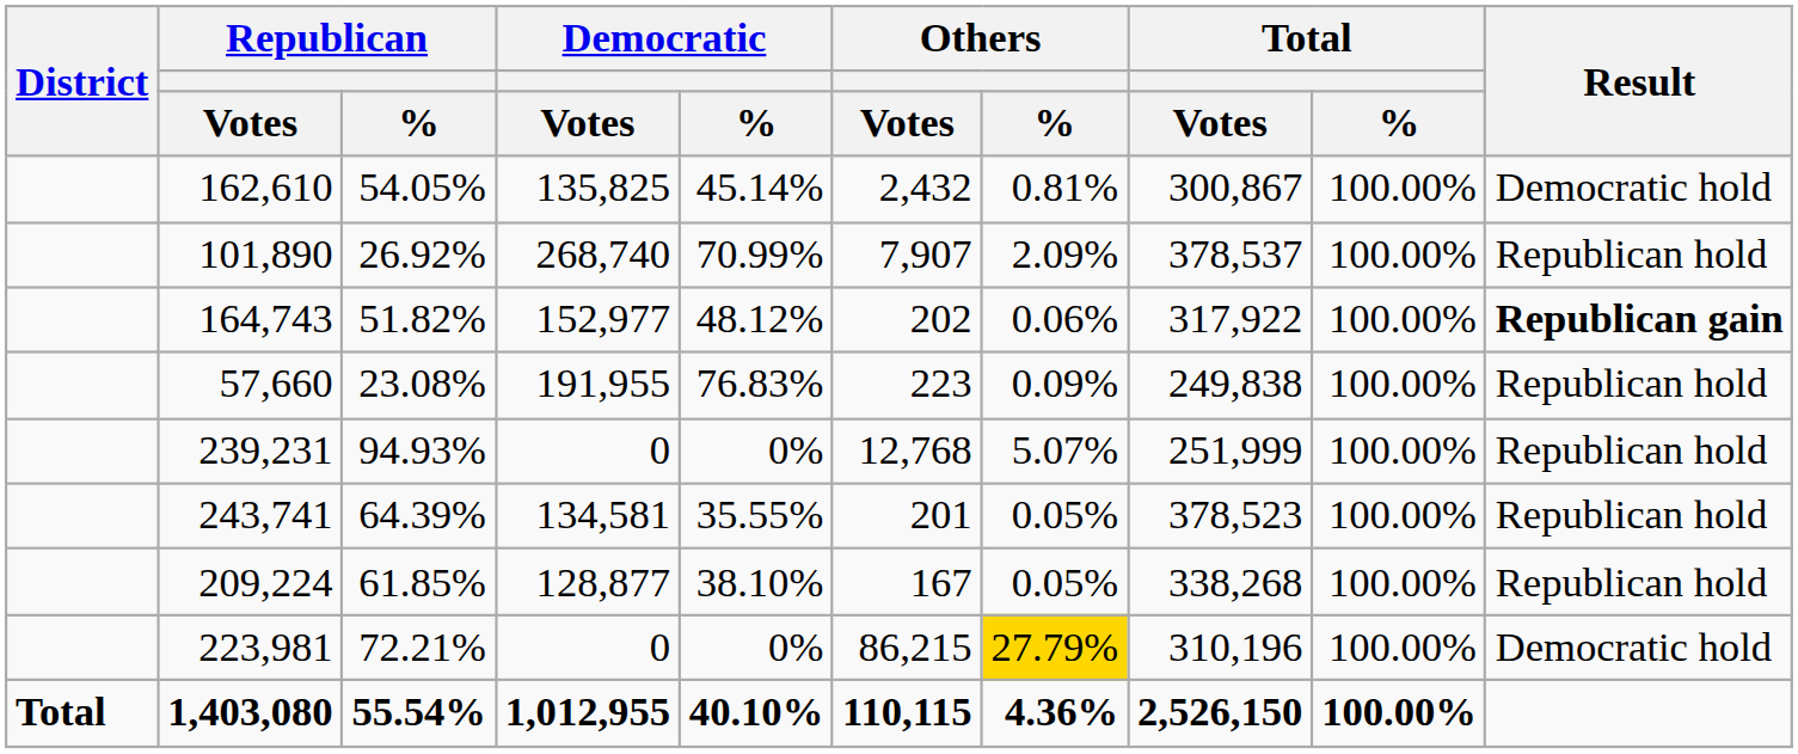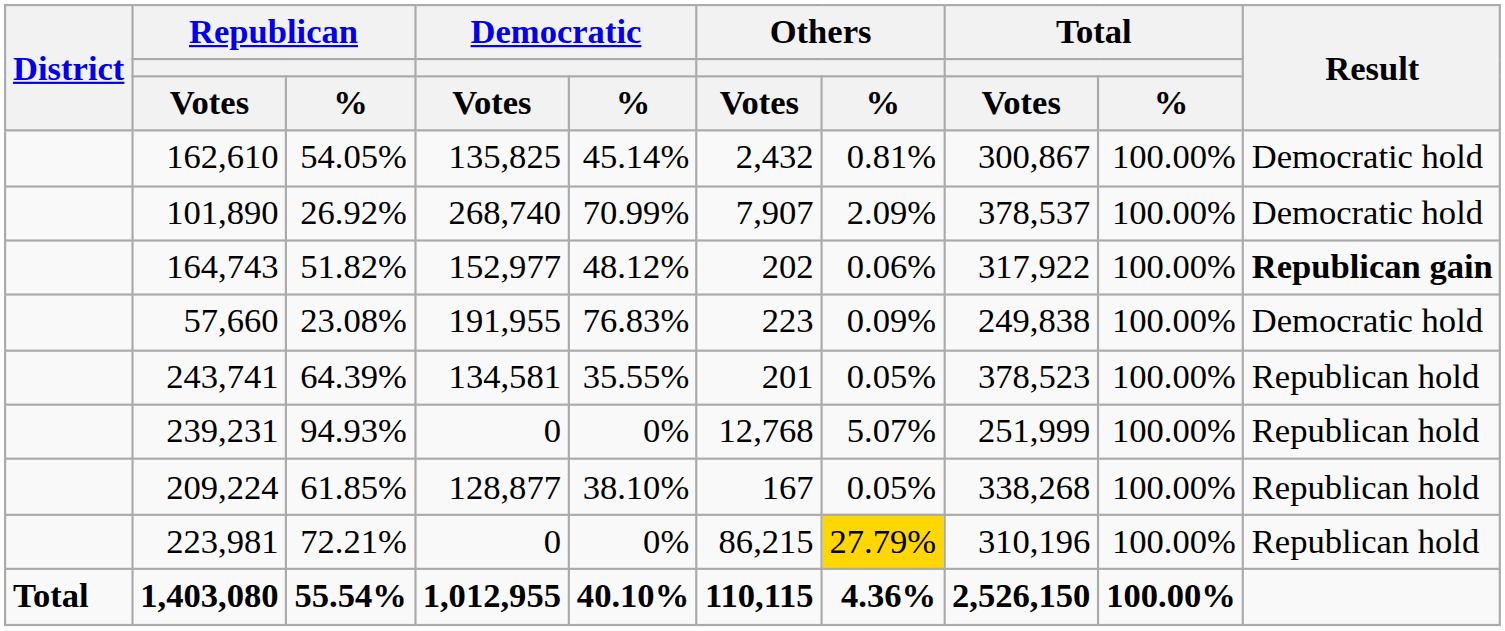 <table class="wikitable plainrowheaders sortable" style="font-size:100%; text-align:right;">
 <tr>
 <th scope=col rowspan=3><a href='#'>District</a></th>
 <th scope=col colspan=2><a href='#'>Republican</a></th>
 <th scope=col colspan=2><a href='#'>Democratic</a></th>
 <th scope=col colspan=2>Others</th>
 <th scope=col colspan=2>Total</th>
 <th scope=col rowspan=3>Result</th>
 </tr>
 <tr>
 <th scope=col colspan=2 style="background:"></th>
 <th scope=col colspan=2 style="background:"></th>
 <th scope=col colspan=2></th>
 <th scope=col colspan=2></th>
 </tr>
 <tr>
 <th scope=col data-sort-type="number">Votes</th>
 <th scope=col data-sort-type="number">%</th>
 <th scope=col data-sort-type="number">Votes</th>
 <th scope=col data-sort-type="number">%</th>
 <th scope=col data-sort-type="number">Votes</th>
 <th scope=col data-sort-type="number">%</th>
 <th scope=col data-sort-type="number">Votes</th>
 <th scope=col data-sort-type="number">%</th>
 </tr>
 <tr>
 <td align=left></td>
 <td>162,610</td>
 <td>54.05%</td>
 <td>135,825</td>
 <td>45.14%</td>
 <td>2,432</td>
 <td>0.81%</td>
 <td>300,867</td>
 <td>100.00%</td>
 <td align=left>Democratic hold</td>
 </tr>
 <tr>
 <td align=left></td>
 <td>101,890</td>
 <td>26.92%</td>
 <td>268,740</td>
 <td>70.99%</td>
 <td>7,907</td>
 <td>2.09%</td>
 <td>378,537</td>
 <td>100.00%</td>
-<td align=left>Republican hold</td>
+<td align=left>Democratic hold</td>
 </tr>
 <tr>
 <td align=left></td>
 <td>164,743</td>
 <td>51.82%</td>
 <td>152,977</td>
 <td>48.12%</td>
 <td>202</td>
 <td>0.06%</td>
 <td>317,922</td>
 <td>100.00%</td>
 <td align=left><strong>Republican gain</strong></td>
 </tr>
 <tr>
 <td align=left></td>
 <td>57,660</td>
 <td>23.08%</td>
 <td>191,955</td>
 <td>76.83%</td>
 <td>223</td>
 <td>0.09%</td>
 <td>249,838</td>
 <td>100.00%</td>
+<td align=left>Democratic hold</td>
+</tr>
+<tr>
+<td align=left></td>
+<td>243,741</td>
+<td>64.39%</td>
+<td>134,581</td>
+<td>35.55%</td>
+<td>201</td>
+<td>0.05%</td>
+<td>378,523</td>
+<td>100.00%</td>
 <td align=left>Republican hold</td>
 </tr>
 <tr>
 <td align=left></td>
 <td>239,231</td>
 <td>94.93%</td>
 <td>0</td>
 <td>0%</td>
 <td>12,768</td>
 <td>5.07%</td>
 <td>251,999</td>
-<td>100.00%</td>
-<td align=left>Republican hold</td>
-</tr>
-<tr>
-<td align=left></td>
-<td>243,741</td>
-<td>64.39%</td>
-<td>134,581</td>
-<td>35.55%</td>
-<td>201</td>
-<td>0.05%</td>
-<td>378,523</td>
 <td>100.00%</td>
 <td align=left>Republican hold</td>
 </tr>
 <tr>
 <td align=left></td>
 <td>209,224</td>
 <td>61.85%</td>
 <td>128,877</td>
 <td>38.10%</td>
 <td>167</td>
 <td>0.05%</td>
 <td>338,268</td>
 <td>100.00%</td>
 <td align=left>Republican hold</td>
 </tr>
 <tr>
 <td align=left></td>
 <td>223,981</td>
 <td>72.21%</td>
 <td>0</td>
 <td>0%</td>
 <td>86,215</td>
 <td style="background: gold;">27.79%</td>
 <td>310,196</td>
 <td>100.00%</td>
-<td align=left>Democratic hold</td>
+<td align=left>Republican hold</td>
 </tr>
 <tr class="sortbottom" style="font-weight:bold">
 <td align=left>Total</td>
 <td>1,403,080</td>
 <td>55.54%</td>
 <td>1,012,955</td>
 <td>40.10%</td>
 <td>110,115</td>
 <td>4.36%</td>
 <td>2,526,150</td>
 <td>100.00%</td>
 <td></td>
 </tr>
 </table>
